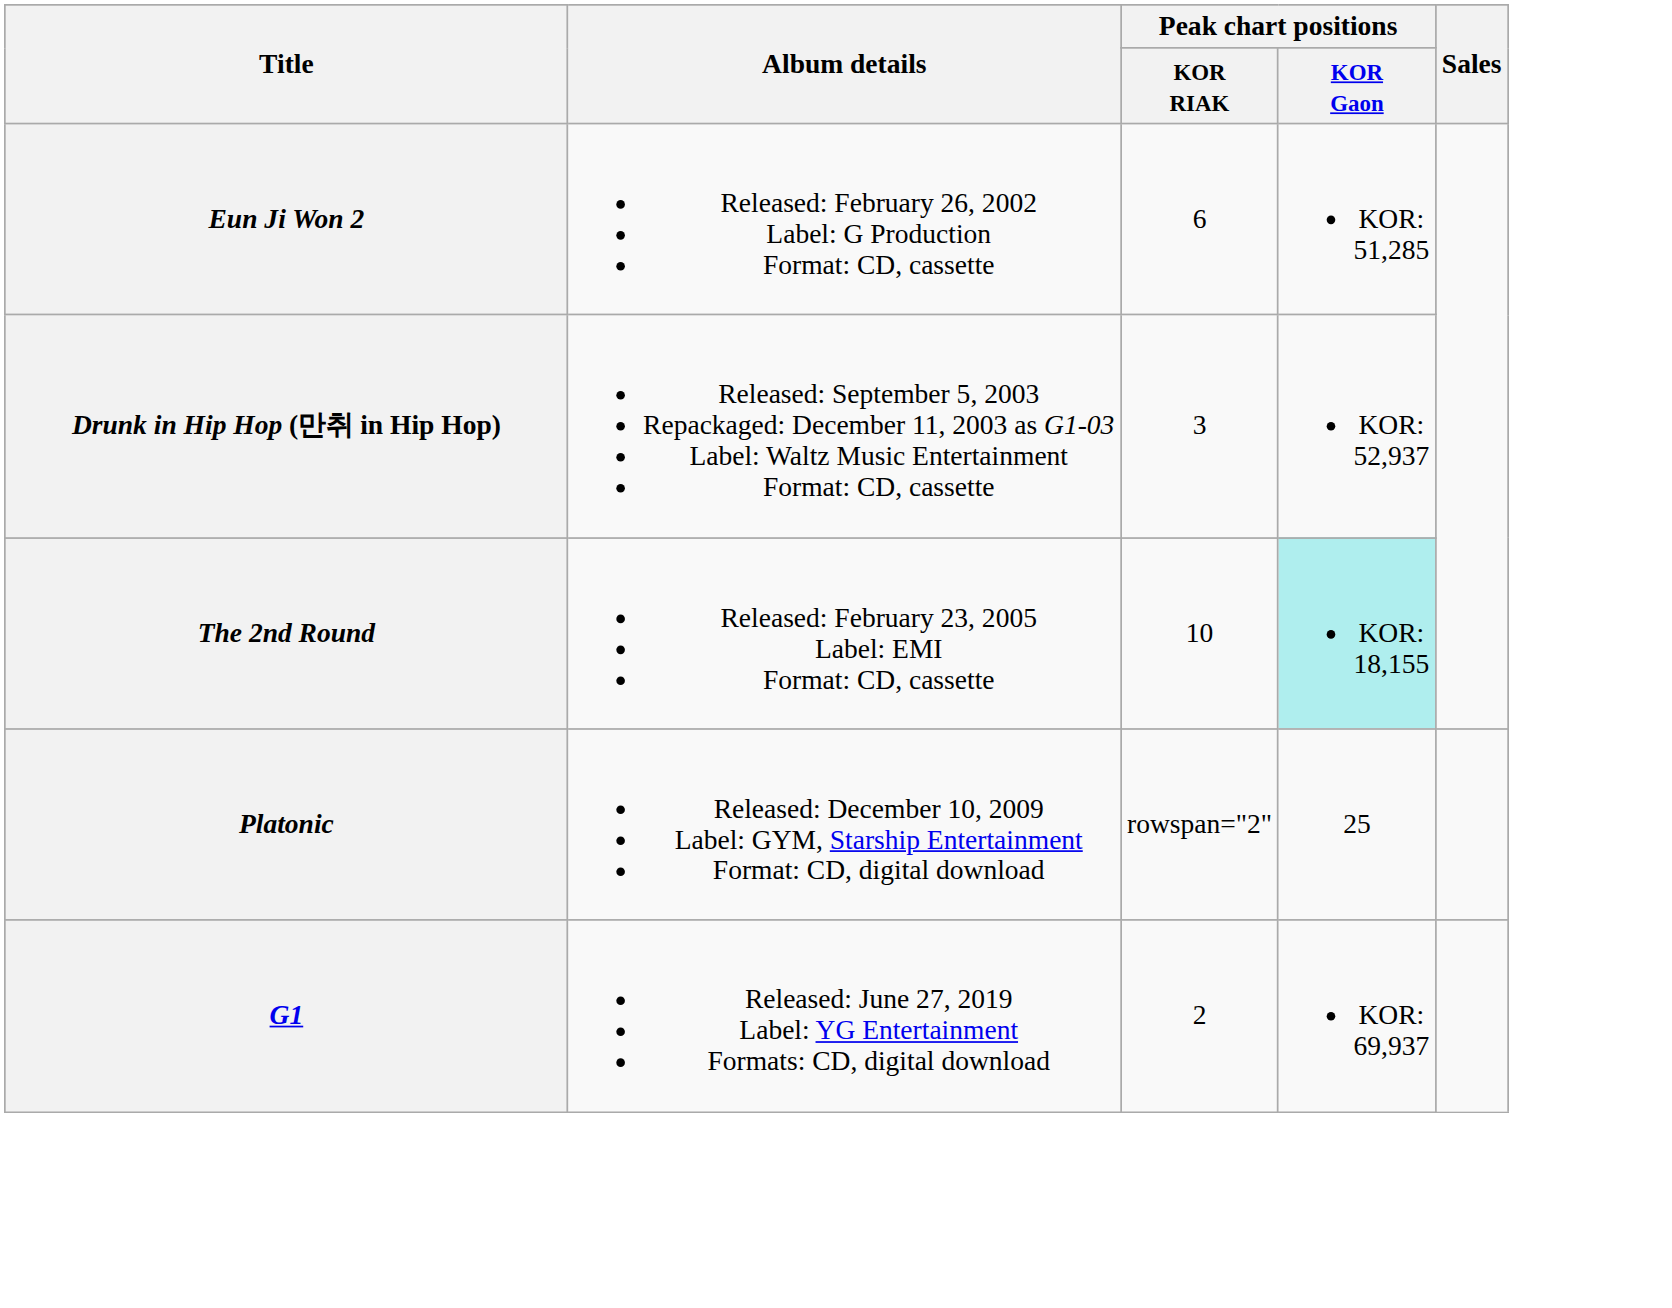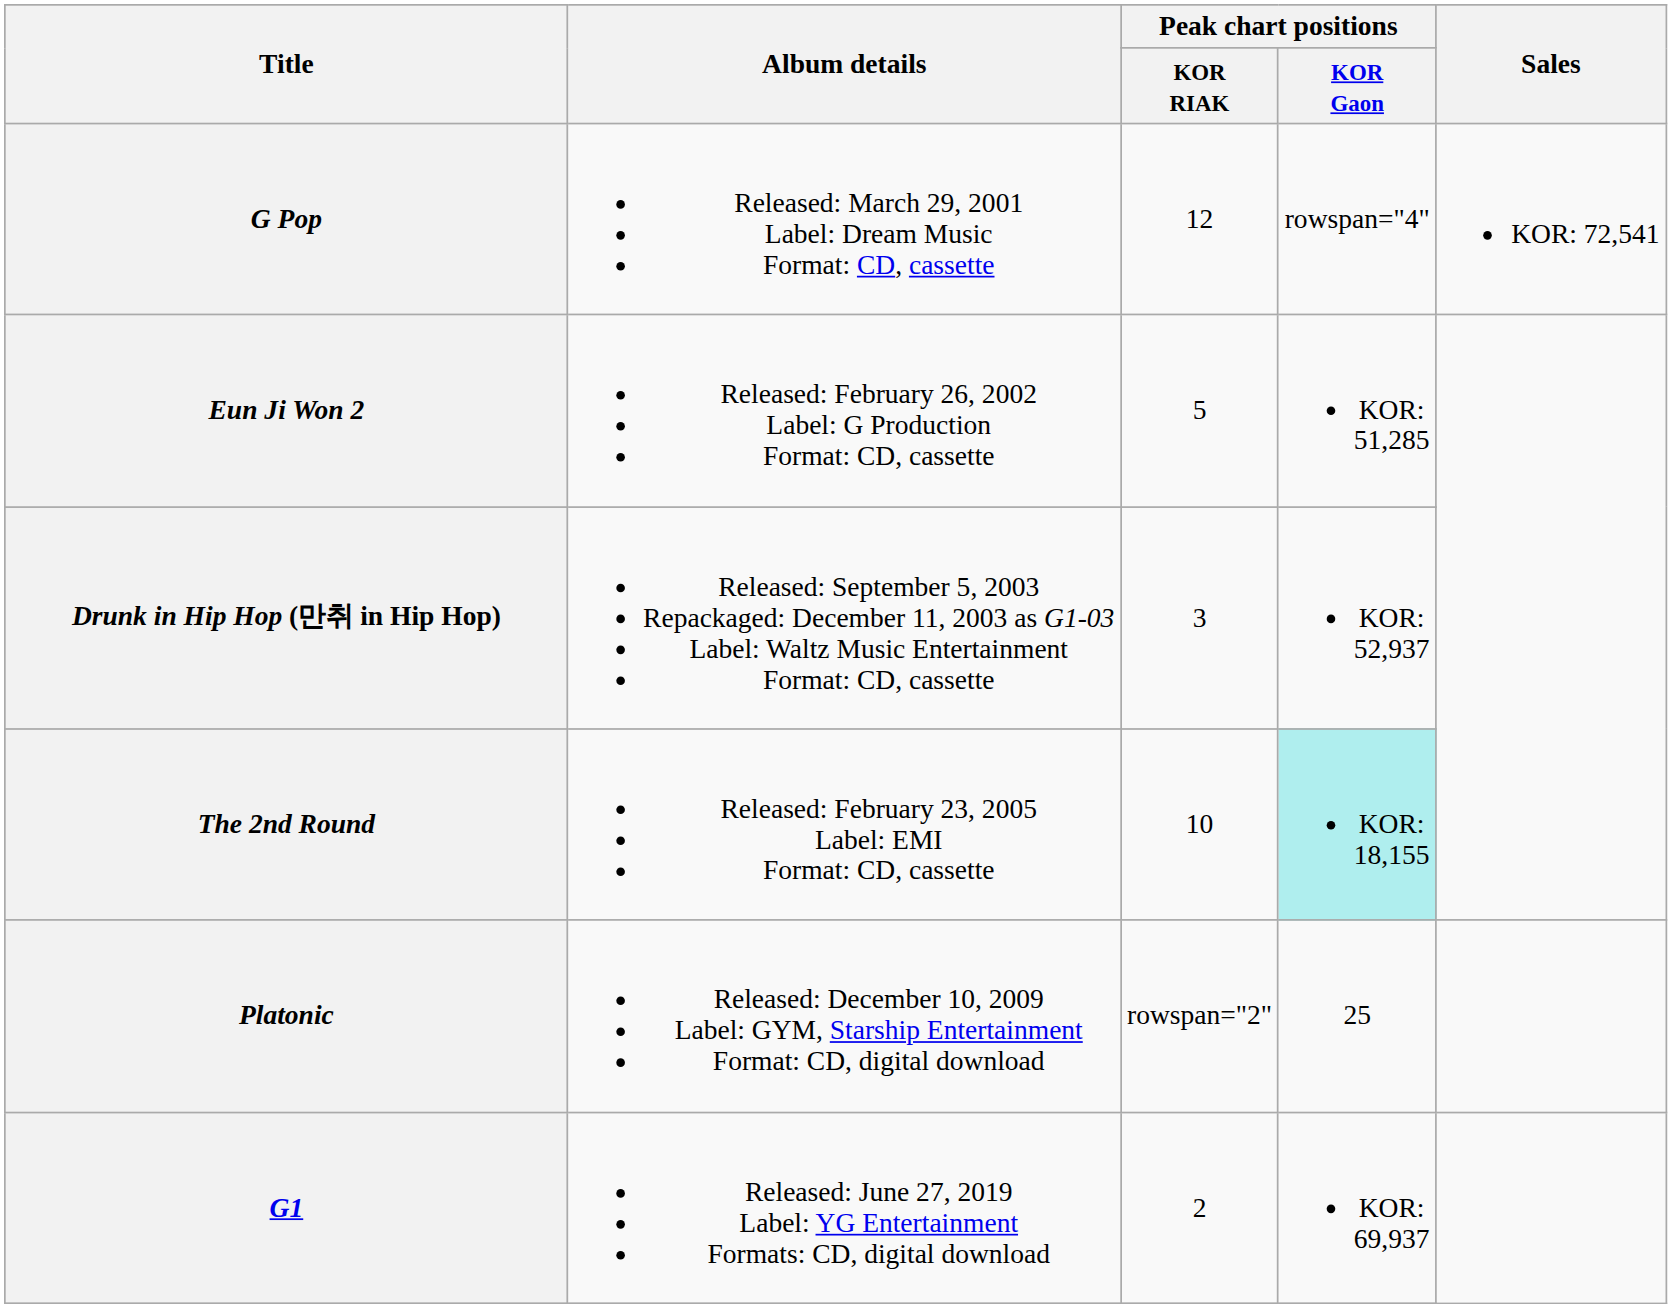 <table class="wikitable plainrowheaders" style="text-align:center;">
 <tr>
 <th scope="col" rowspan="2" style="width:20em;">Title</th>
 <th scope="col" rowspan="2">Album details</th>
 <th scope="col" colspan="2">Peak chart positions</th>
 <th scope="col" rowspan="2">Sales</th>
 </tr>
 <tr>
 <th style="width:3em;"><small>KOR<br>RIAK</small><br></th>
 <th style="width:3em;"><small><a href='#'>KOR<br>Gaon</a></small><br></th>
 </tr>
 <tr>
+<th scope="row"><em>G Pop</em></th>
+<td><br><ul><li>Released: March 29, 2001</li><li>Label: Dream Music</li><li>Format: <a href='#'>CD</a>, <a href='#'>cassette</a></li></ul></td>
+<td>12</td>
+<td>rowspan="4" </td>
+<td><br><ul><li>KOR: 72,541</li></ul></td>
+</tr>
+<tr>
 <th scope="row"><em>Eun Ji Won 2</em></th>
 <td><br><ul><li>Released: February 26, 2002</li><li>Label: G Production</li><li>Format: CD, cassette</li></ul></td>
-<td>6</td>
+<td>5</td>
 <td><br><ul><li>KOR: 51,285</li></ul></td>
 </tr>
 <tr>
 <th scope="row"><em>Drunk in Hip Hop</em> (만취 in Hip Hop)</th>
 <td><br><ul><li>Released: September 5, 2003</li><li>Repackaged: December 11, 2003 as <em>G1-03</em></li><li>Label: Waltz Music Entertainment</li><li>Format: CD, cassette</li></ul></td>
 <td>3</td>
 <td><br><ul><li>KOR: 52,937</li></ul></td>
 </tr>
 <tr>
 <th scope="row"><em>The 2nd Round</em></th>
 <td><br><ul><li>Released: February 23, 2005</li><li>Label: EMI</li><li>Format: CD, cassette</li></ul></td>
 <td>10</td>
 <td style="background: paleturquoise;"><br><ul><li>KOR: 18,155</li></ul></td>
 </tr>
 <tr>
 <th scope="row"><em>Platonic</em></th>
 <td><br><ul><li>Released: December 10, 2009</li><li>Label: GYM, <a href='#'>Starship Entertainment</a></li><li>Format: CD, digital download</li></ul></td>
 <td>rowspan="2" </td>
 <td>25</td>
 <td></td>
 </tr>
 <tr>
 <th scope="row"><em><a href='#'>G1</a></em></th>
 <td><br><ul><li>Released: June 27, 2019</li><li>Label: <a href='#'>YG Entertainment</a></li><li>Formats: CD, digital download</li></ul></td>
 <td>2</td>
 <td><br><ul><li>KOR: 69,937</li></ul></td>
 </tr>
 <tr>
 </tr>
 </table>
